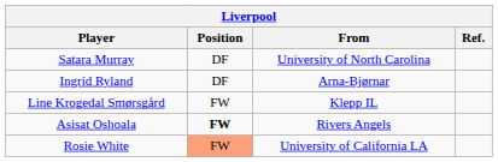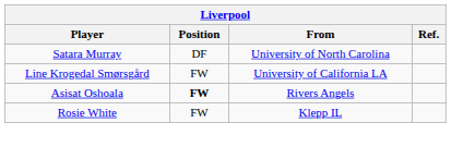 <table class="wikitable sortable collapsible collapsed" style="font-size:95%; text-align: center; width: 90%;">
 <tr>
 <th colspan="4"  style="with:100%; text-align:center;"><strong><a href='#'>Liverpool</a></strong></th>
 </tr>
 <tr>
 <th>Player</th>
 <th>Position</th>
 <th>From</th>
 <th>Ref.</th>
 </tr>
 <tr>
 <td> <a href='#'>Satara Murray</a></td>
 <td>DF</td>
 <td><a href='#'>University of North Carolina</a></td>
 <td></td>
 </tr>
 <tr>
-<td> <a href='#'>Ingrid Ryland</a></td>
-<td>DF</td>
-<td><a href='#'>Arna-Bjørnar</a></td>
-<td></td>
-</tr>
-<tr>
 <td> <a href='#'>Line Krogedal Smørsgård</a></td>
 <td>FW</td>
-<td><a href='#'>Klepp IL</a></td>
+<td><a href='#'>University of California LA</a></td>
 <td></td>
 </tr>
 <tr>
 <td> <a href='#'>Asisat Oshoala</a></td>
 <td><strong>FW</strong></td>
 <td><a href='#'>Rivers Angels</a></td>
 <td></td>
 </tr>
 <tr>
 <td> <a href='#'>Rosie White</a></td>
-<td style="background: lightsalmon;">FW</td>
-<td><a href='#'>University of California LA</a></td>
+<td>FW</td>
+<td><a href='#'>Klepp IL</a></td>
 <td></td>
 </tr>
 </table>
